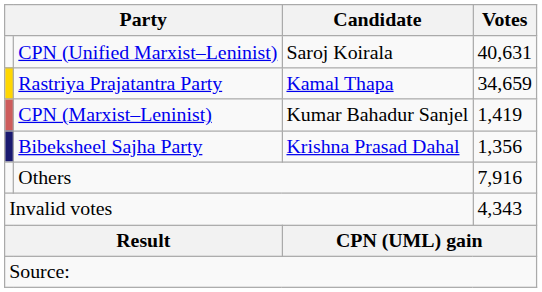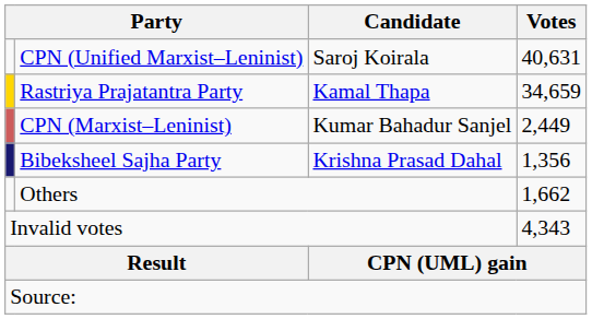 <table class="wikitable">
 <tr>
 <th colspan="2">Party</th>
 <th>Candidate</th>
 <th>Votes</th>
 </tr>
 <tr>
 <td style="background-color:"></td>
 <td><a href='#'>CPN (Unified Marxist–Leninist)</a></td>
 <td>Saroj Koirala</td>
 <td>40,631</td>
 </tr>
 <tr>
 <td style="background-color:gold"></td>
 <td><a href='#'>Rastriya Prajatantra Party</a></td>
 <td><a href='#'>Kamal Thapa</a></td>
 <td>34,659</td>
 </tr>
 <tr>
 <td style="background-color:indianred"></td>
 <td><a href='#'>CPN (Marxist–Leninist)</a></td>
 <td>Kumar Bahadur Sanjel</td>
-<td>1,419</td>
+<td>2,449</td>
 </tr>
 <tr>
 <td style="background-color:midnightblue"></td>
 <td><a href='#'>Bibeksheel Sajha Party</a></td>
 <td><a href='#'>Krishna Prasad Dahal</a></td>
 <td>1,356</td>
 </tr>
 <tr>
 <td></td>
 <td colspan="2">Others</td>
-<td>7,916</td>
+<td>1,662</td>
 </tr>
 <tr>
 <td colspan="3">Invalid votes</td>
 <td>4,343</td>
 </tr>
 <tr>
 <th colspan="2">Result</th>
 <th colspan="2">CPN (UML) gain</th>
 </tr>
 <tr>
 <td colspan="4">Source: </td>
 </tr>
 </table>
